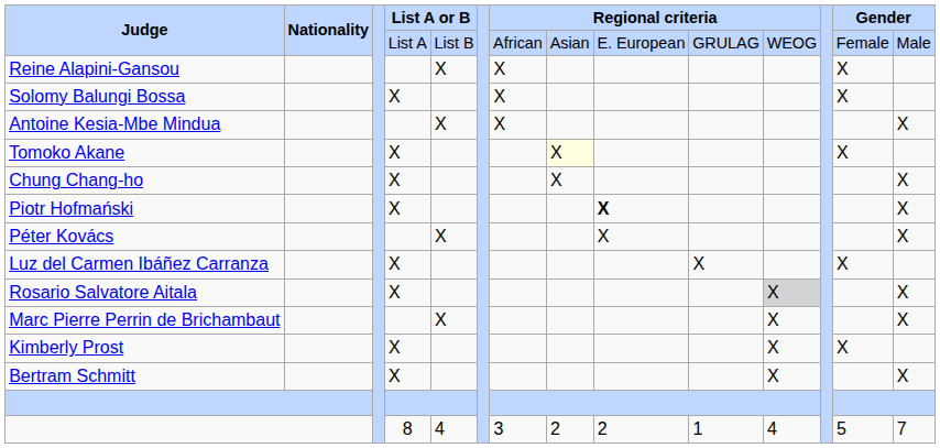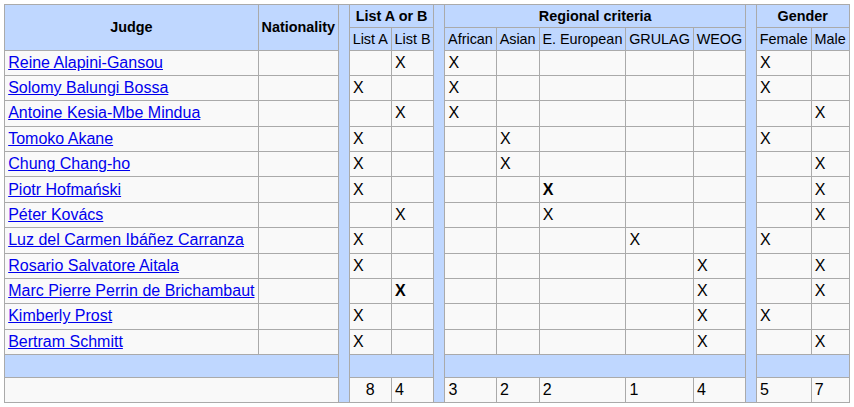 <table class="wikitable col3center col4center col5center col6center col7center col8center col9center col10center col11center">
 <tr bgcolor=#BFD7FF align="center" style="font-size:90%;">
 <td rowspan=2><strong>Judge</strong></td>
 <td rowspan=2><strong>Nationality</strong></td>
 <td rowspan=16> </td>
 <td colspan=2><strong>List A or B</strong></td>
 <td rowspan=16> </td>
 <td colspan=5><strong>Regional criteria</strong></td>
 <td rowspan=16> </td>
 <td colspan=2><strong>Gender</strong></td>
 </tr>
 <tr bgcolor=#BFD7FF align="center" style="font-size:90%;">
 <td>List A</td>
 <td>List B</td>
 <td>African</td>
 <td>Asian</td>
 <td>E. European</td>
 <td>GRULAG</td>
 <td>WEOG</td>
 <td>Female</td>
 <td>Male</td>
 </tr>
 <tr>
 <td><a href='#'>Reine Alapini-Gansou</a></td>
 <td></td>
 <td></td>
 <td>X</td>
 <td>X</td>
 <td></td>
 <td></td>
 <td></td>
 <td></td>
 <td>X</td>
 <td></td>
 </tr>
 <tr>
 <td><a href='#'>Solomy Balungi Bossa</a></td>
 <td></td>
 <td>X</td>
 <td></td>
 <td>X</td>
 <td></td>
 <td></td>
 <td></td>
 <td></td>
 <td>X</td>
 <td></td>
 </tr>
 <tr>
 <td><a href='#'>Antoine Kesia-Mbe Mindua</a></td>
 <td></td>
 <td></td>
 <td>X</td>
 <td>X</td>
 <td></td>
 <td></td>
 <td></td>
 <td></td>
 <td></td>
 <td>X</td>
 </tr>
 <tr>
 <td><a href='#'>Tomoko Akane</a></td>
 <td></td>
 <td>X</td>
 <td></td>
 <td></td>
-<td style="background: lightyellow;">X</td>
+<td>X</td>
 <td></td>
 <td></td>
 <td></td>
 <td>X</td>
 <td></td>
 </tr>
 <tr>
 <td><a href='#'>Chung Chang-ho</a></td>
 <td></td>
 <td>X</td>
 <td></td>
 <td></td>
 <td>X</td>
 <td></td>
 <td></td>
 <td></td>
 <td></td>
 <td>X</td>
 </tr>
 <tr>
 <td><a href='#'>Piotr Hofmański</a></td>
 <td></td>
 <td>X</td>
 <td></td>
 <td></td>
 <td></td>
 <td><strong>X</strong></td>
 <td></td>
 <td></td>
 <td></td>
 <td>X</td>
 </tr>
 <tr>
 <td><a href='#'>Péter Kovács</a></td>
 <td></td>
 <td></td>
 <td>X</td>
 <td></td>
 <td></td>
 <td>X</td>
 <td></td>
 <td></td>
 <td></td>
 <td>X</td>
 </tr>
 <tr>
 <td><a href='#'>Luz del Carmen Ibáñez Carranza</a></td>
 <td></td>
 <td>X</td>
 <td></td>
 <td></td>
 <td></td>
 <td></td>
 <td>X</td>
 <td></td>
 <td>X</td>
 <td></td>
 </tr>
 <tr>
 <td><a href='#'>Rosario Salvatore Aitala</a></td>
 <td></td>
 <td>X</td>
 <td></td>
 <td></td>
 <td></td>
 <td></td>
 <td></td>
-<td style="background: lightgrey;">X</td>
+<td>X</td>
 <td></td>
 <td>X</td>
 </tr>
 <tr>
 <td><a href='#'>Marc Pierre Perrin de Brichambaut</a></td>
 <td></td>
 <td></td>
-<td>X</td>
+<td><strong>X</strong></td>
 <td></td>
 <td></td>
 <td></td>
 <td></td>
 <td>X</td>
 <td></td>
 <td>X</td>
 </tr>
 <tr>
 <td><a href='#'>Kimberly Prost</a></td>
 <td></td>
 <td>X</td>
 <td></td>
 <td></td>
 <td></td>
 <td></td>
 <td></td>
 <td>X</td>
 <td>X</td>
 <td></td>
 </tr>
 <tr>
 <td><a href='#'>Bertram Schmitt</a></td>
 <td></td>
 <td>X</td>
 <td></td>
 <td></td>
 <td></td>
 <td></td>
 <td></td>
 <td>X</td>
 <td></td>
 <td>X</td>
 </tr>
 <tr bgcolor=#BFD7FF align="center" style="font-size:90%;">
 <td colspan=2> </td>
 <td colspan=2> </td>
 <td colspan=5> </td>
 <td colspan=2> </td>
 </tr>
 <tr>
 <td colspan=2></td>
 <td align="center">8</td>
 <td>4</td>
 <td>3</td>
 <td>2</td>
 <td>2</td>
 <td>1</td>
 <td>4</td>
 <td>5</td>
 <td>7</td>
 </tr>
 <tr>
 </tr>
 </table>
